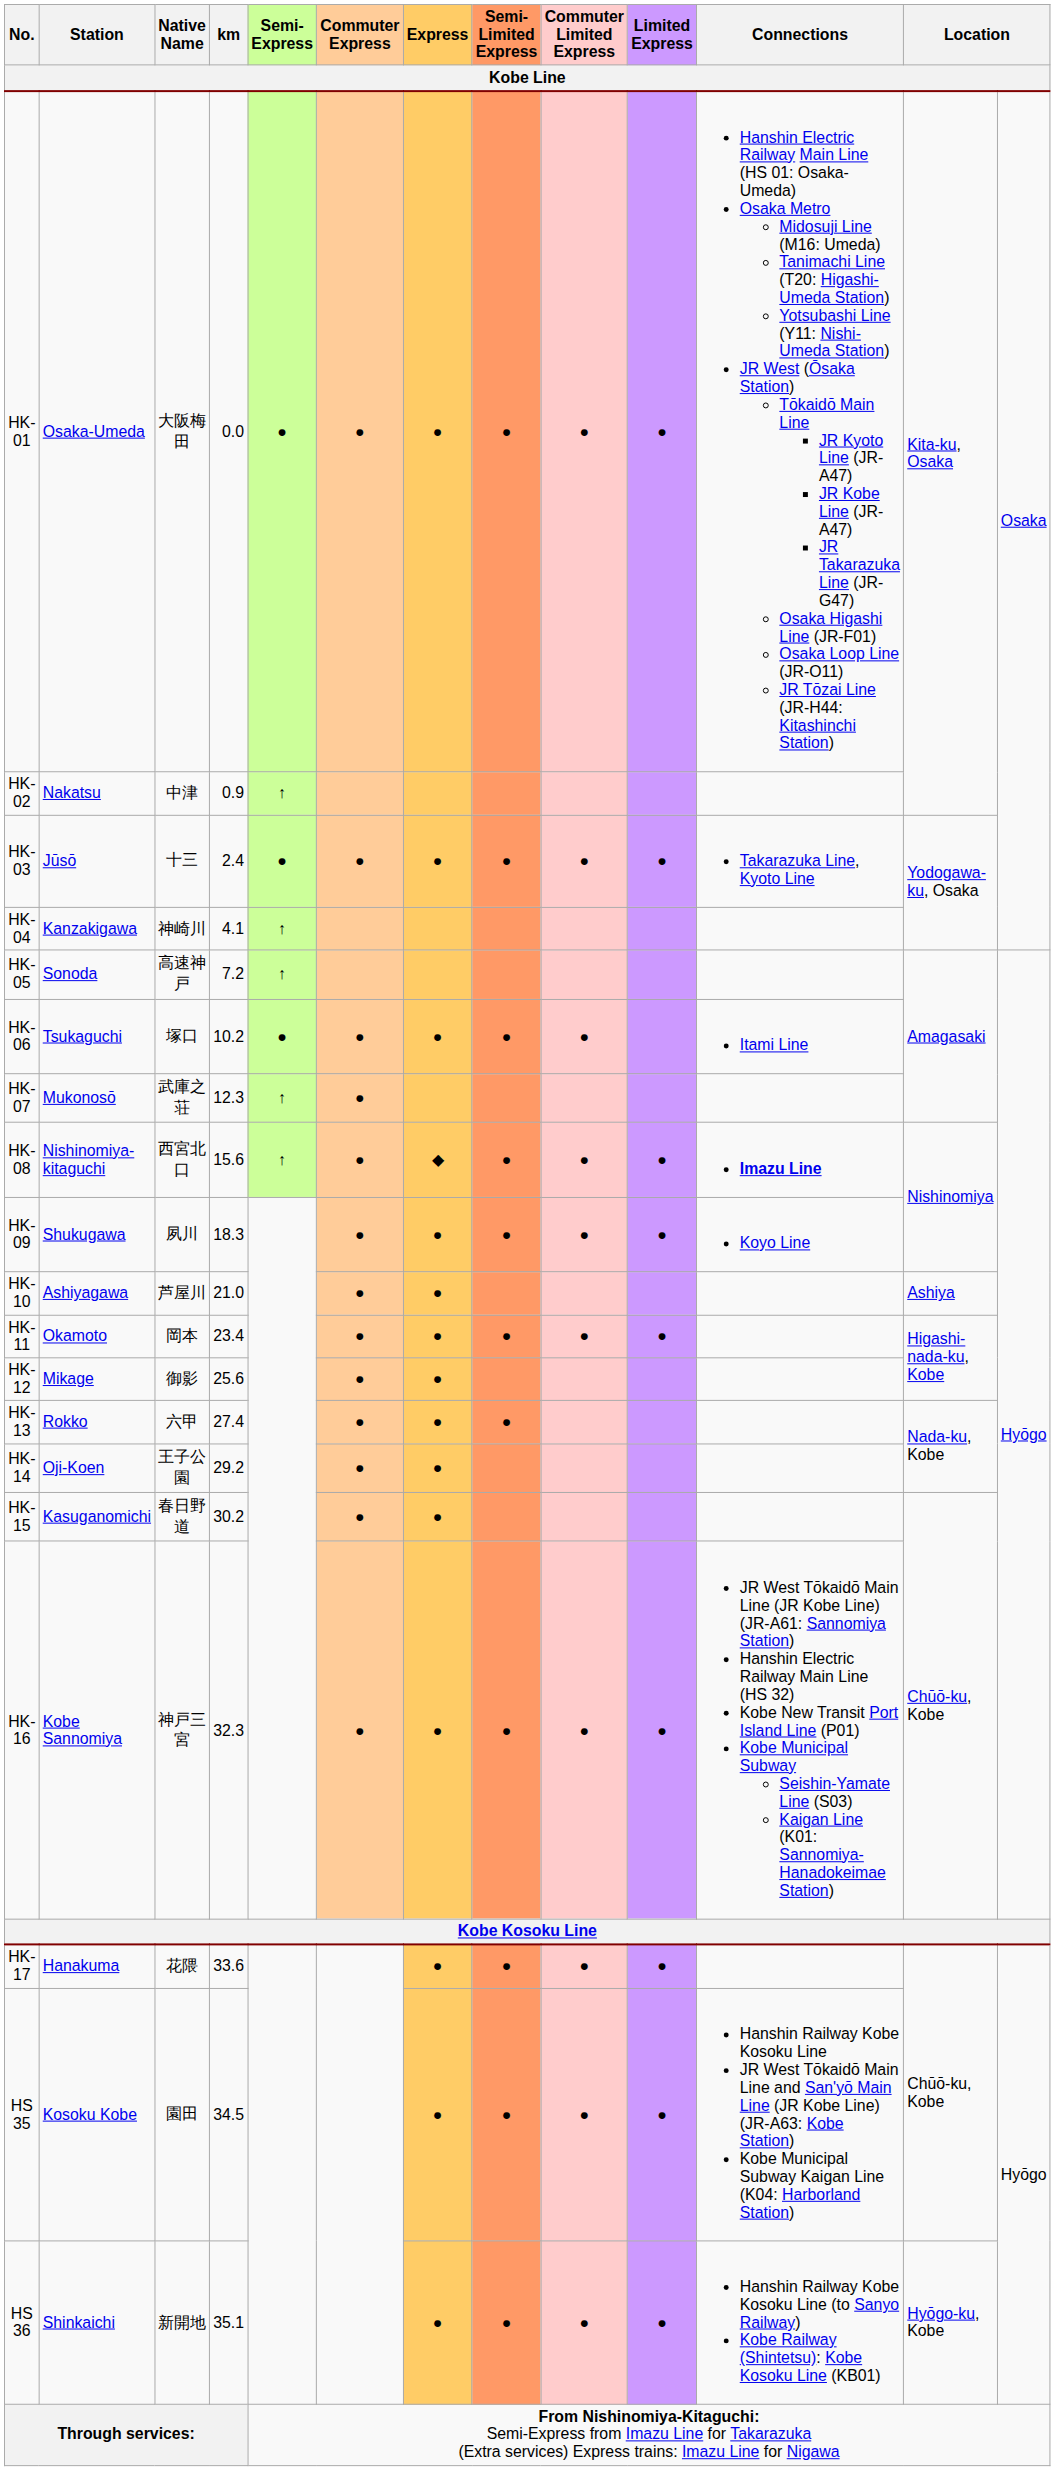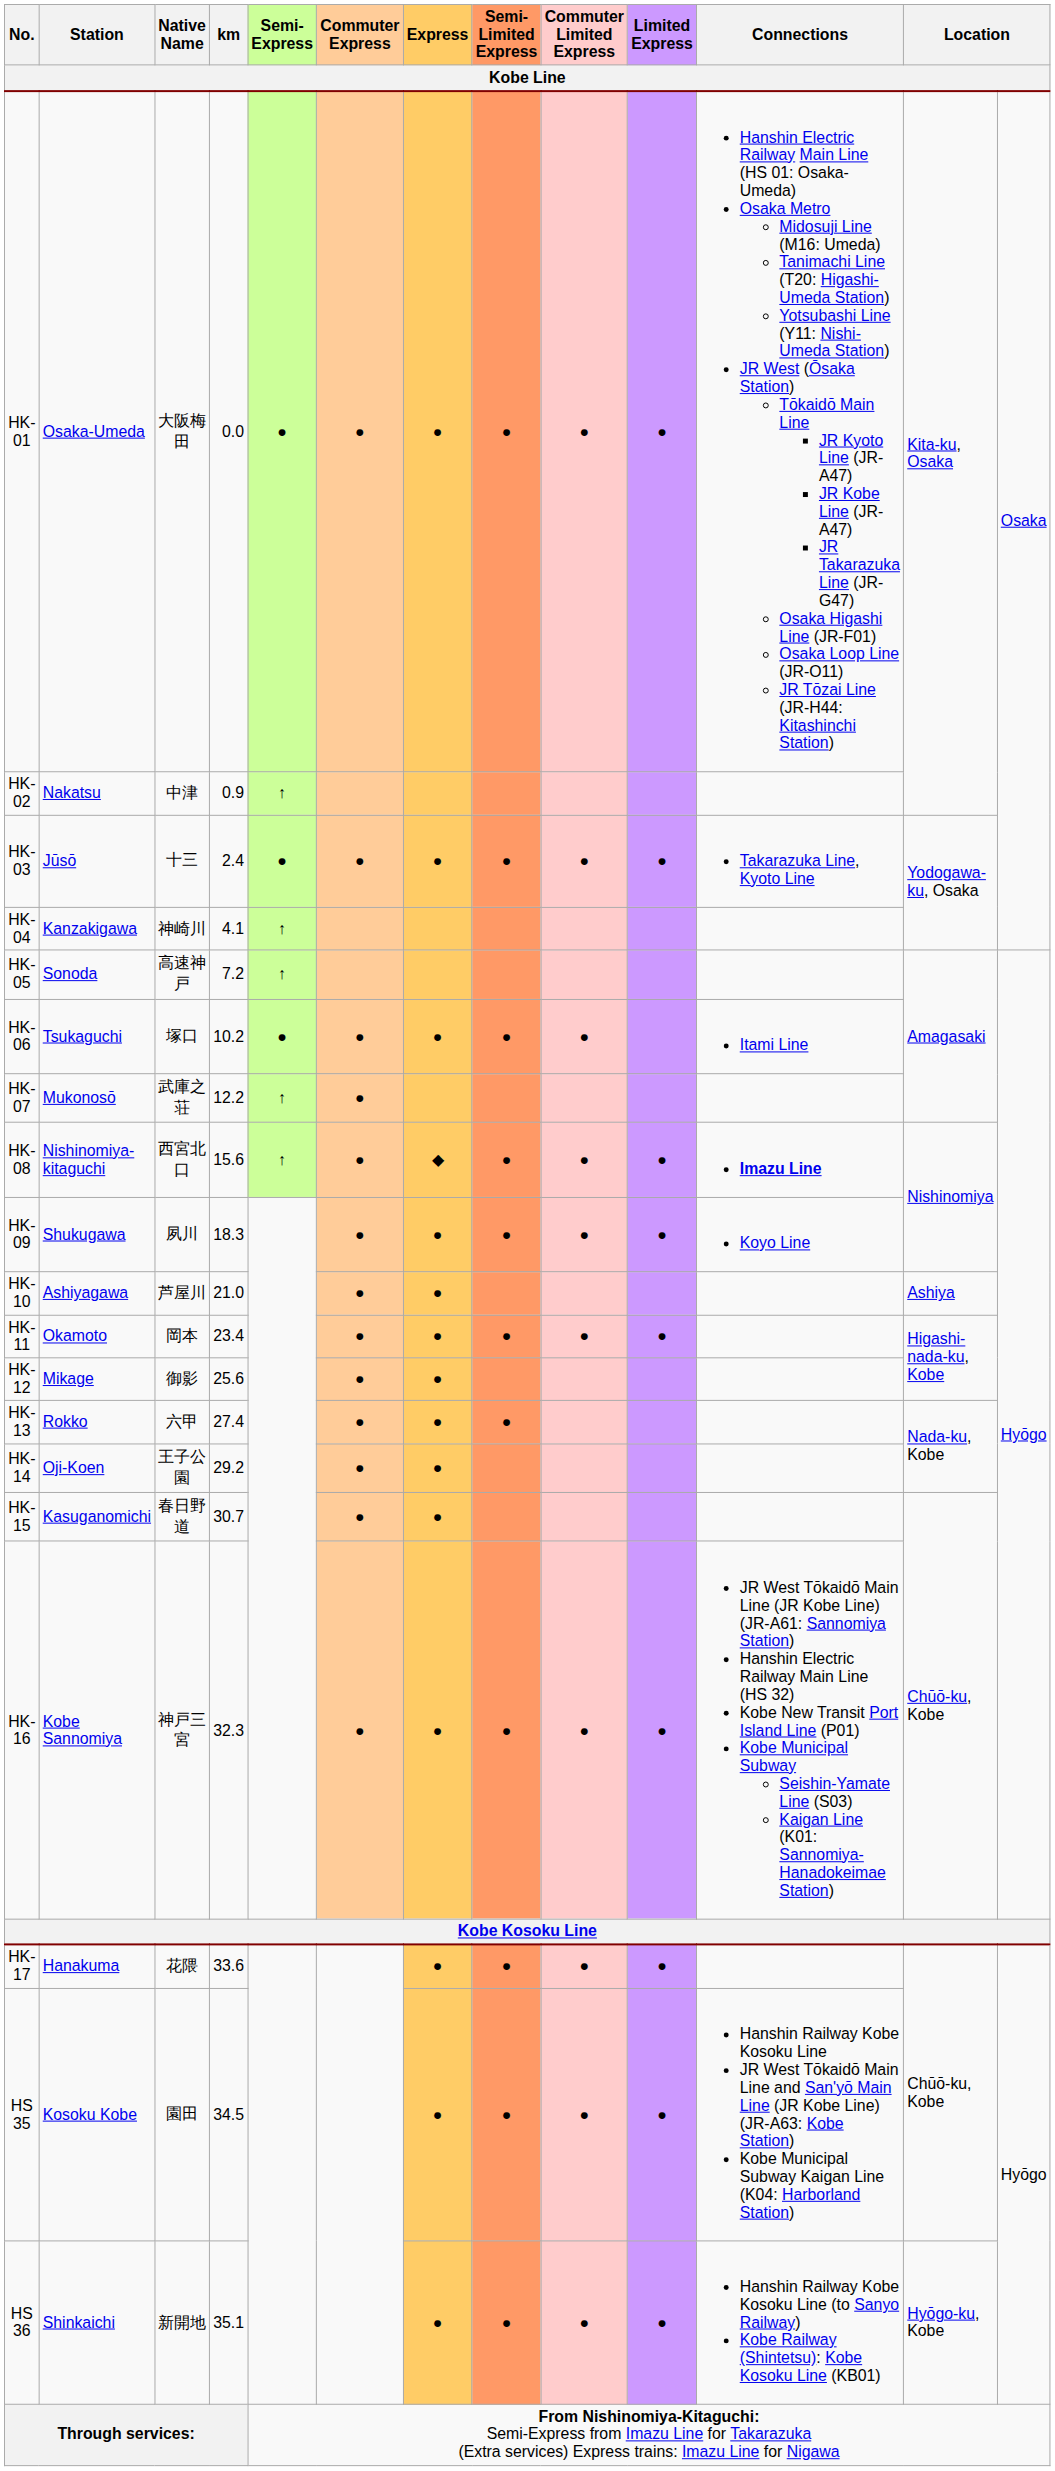 <table border="1" class=wikitable style="text-align: center;">
 <tr style="text-align: center; ">
 <th>No.</th>
 <th>Station</th>
 <th>Native Name</th>
 <th>km</th>
 <th style="background:#cf9">Semi-Express</th>
 <th style="background:#fc9">Commuter Express</th>
 <th style="background:#fc6">Express</th>
 <th style="background:#f96">Semi-Limited Express</th>
 <th style="background:#fcc">Commuter Limited Express</th>
 <th style="background:#c9f">Limited Express</th>
 <th>Connections</th>
 <th colspan=2>Location</th>
 </tr>
 <tr style="text-align: center; ">
 <th colspan="13" style="border-bottom:solid 2px maroon"><strong>Kobe Line</strong></th>
 </tr>
 <tr style="text-align: center; ">
 <td>HK-01</td>
 <td style="text-align: left; "><a href='#'>Osaka-Umeda</a></td>
 <td>大阪梅田</td>
 <td style="text-align: right; ">0.0</td>
 <td style="background:#cf9">●</td>
 <td style="background:#fc9">●</td>
 <td style="background:#fc6">●</td>
 <td style="background:#f96">●</td>
 <td style="background:#fcc">●</td>
 <td style="background:#c9f">●</td>
 <td style="text-align: left; "><br><ul><li> <a href='#'>Hanshin Electric Railway</a> <a href='#'>Main Line</a> (HS 01: Osaka-Umeda)</li><li> <a href='#'>Osaka Metro</a><ul><li> <a href='#'>Midosuji Line</a> (M16: Umeda)</li><li> <a href='#'>Tanimachi Line</a> (T20: <a href='#'>Higashi-Umeda Station</a>)</li><li> <a href='#'>Yotsubashi Line</a> (Y11: <a href='#'>Nishi-Umeda Station</a>)</li></ul></li><li><a href='#'>JR West</a> (<a href='#'>Ōsaka Station</a>)<ul><li><a href='#'>Tōkaidō Main Line</a><ul><li> <a href='#'>JR Kyoto Line</a> (JR-A47)</li><li> <a href='#'>JR Kobe Line</a> (JR-A47)</li><li> <a href='#'>JR Takarazuka Line</a> (JR-G47)</li></ul></li><li> <a href='#'>Osaka Higashi Line</a> (JR-F01)</li><li> <a href='#'>Osaka Loop Line</a> (JR-O11)</li><li> <a href='#'>JR Tōzai Line</a> (JR-H44: <a href='#'>Kitashinchi Station</a>)</li></ul></li></ul></td>
 <td style="text-align: left; " rowspan=2><a href='#'>Kita-ku</a>, <a href='#'>Osaka</a></td>
 <td style="text-align: left; " rowspan=4><a href='#'>Osaka</a></td>
 </tr>
 <tr style="text-align: center; ">
 <td>HK-02</td>
 <td style="text-align: left; "><a href='#'>Nakatsu</a></td>
 <td>中津</td>
 <td style="text-align: right; ">0.9</td>
 <td style="background:#cf9">↑</td>
 <td style="background:#fc9"></td>
 <td style="background:#fc6"></td>
 <td style="background:#f96"></td>
 <td style="background:#fcc"></td>
 <td style="background:#c9f"></td>
 <td> </td>
 </tr>
 <tr style="text-align: center; ">
 <td>HK-03</td>
 <td style="text-align: left; "><a href='#'>Jūsō</a></td>
 <td>十三</td>
 <td style="text-align: right; ">2.4</td>
 <td style="background:#cf9">●</td>
 <td style="background:#fc9">●</td>
 <td style="background:#fc6">●</td>
 <td style="background:#f96">●</td>
 <td style="background:#fcc">●</td>
 <td style="background:#c9f">●</td>
 <td style="text-align: left; "><br><ul><li> <a href='#'>Takarazuka Line</a>,  <a href='#'>Kyoto Line</a></li></ul></td>
 <td style="text-align: left; " rowspan=2><a href='#'>Yodogawa-ku</a>, Osaka</td>
 </tr>
 <tr style="text-align: center; ">
 <td>HK-04</td>
 <td style="text-align: left; "><a href='#'>Kanzakigawa</a></td>
 <td>神崎川</td>
 <td style="text-align: right; ">4.1</td>
 <td style="background:#cf9">↑</td>
 <td style="background:#fc9"></td>
 <td style="background:#fc6"></td>
 <td style="background:#f96"></td>
 <td style="background:#fcc"></td>
 <td style="background:#c9f"></td>
 <td> </td>
 </tr>
 <tr style="text-align: center; ">
 <td>HK-05</td>
 <td style="text-align: left; "><a href='#'>Sonoda</a></td>
 <td>高速神戸</td>
 <td style="text-align: right; ">7.2</td>
 <td style="background:#cf9">↑</td>
 <td style="background:#fc9"></td>
 <td style="background:#fc6"></td>
 <td style="background:#f96"></td>
 <td style="background:#fcc"></td>
 <td style="background:#c9f"></td>
 <td> </td>
 <td style="text-align: left; " rowspan=3><a href='#'>Amagasaki</a></td>
 <td style="text-align: left; " rowspan=12><a href='#'>Hyōgo</a></td>
 </tr>
 <tr style="text-align: center; ">
 <td>HK-06</td>
 <td style="text-align: left; "><a href='#'>Tsukaguchi</a></td>
 <td>塚口</td>
 <td style="text-align: right; ">10.2</td>
 <td style="background:#cf9">●</td>
 <td style="background:#fc9">●</td>
 <td style="background:#fc6">●</td>
 <td style="background:#f96">●</td>
 <td style="background:#fcc">●</td>
 <td style="background:#c9f"></td>
 <td style="text-align: left; "><br><ul><li> <a href='#'>Itami Line</a></li></ul></td>
 </tr>
 <tr style="text-align: center; ">
 <td>HK-07</td>
 <td style="text-align: left; "><a href='#'>Mukonosō</a></td>
 <td>武庫之荘</td>
-<td style="text-align: right; ">12.3</td>
+<td style="text-align: right; ">12.2</td>
 <td style="background:#cf9">↑</td>
 <td style="background:#fc9">●</td>
 <td style="background:#fc6"></td>
 <td style="background:#f96"></td>
 <td style="background:#fcc"></td>
 <td style="background:#c9f"></td>
 <td> </td>
 </tr>
 <tr style="text-align: center; ">
 <td>HK-08</td>
 <td style="text-align: left; "><a href='#'>Nishinomiya-kitaguchi</a></td>
 <td>西宮北口</td>
 <td style="text-align: right; ">15.6</td>
 <td style="background:#cf9">↑</td>
 <td style="background:#fc9">●</td>
 <td style="background:#fc6">◆</td>
 <td style="background:#f96">●</td>
 <td style="background:#fcc">●</td>
 <td style="background:#c9f">●</td>
 <td style="text-align: left; "><strong><br><ul><li> <a href='#'>Imazu Line</a></li></ul></strong></td>
 <td style="text-align: left; " rowspan=2><a href='#'>Nishinomiya</a></td>
 </tr>
 <tr style="text-align: center; ">
 <td>HK-09</td>
 <td style="text-align: left; "><a href='#'>Shukugawa</a></td>
 <td>夙川</td>
 <td style="text-align: right; ">18.3</td>
 <td align="center" rowspan=8> </td>
 <td style="background:#fc9">●</td>
 <td style="background:#fc6">●</td>
 <td style="background:#f96">●</td>
 <td style="background:#fcc">●</td>
 <td style="background:#c9f">●</td>
 <td style="text-align: left; "><br><ul><li> <a href='#'>Koyo Line</a></li></ul></td>
 </tr>
 <tr style="text-align: center; ">
 <td>HK-10</td>
 <td style="text-align: left; "><a href='#'>Ashiyagawa</a></td>
 <td>芦屋川</td>
 <td style="text-align: right; ">21.0</td>
 <td style="background:#fc9">●</td>
 <td style="background:#fc6">●</td>
 <td style="background:#f96"></td>
 <td style="background:#fcc"></td>
 <td style="background:#c9f"></td>
 <td> </td>
 <td style="text-align: left; "><a href='#'>Ashiya</a></td>
 </tr>
 <tr style="text-align: center; ">
 <td>HK-11</td>
 <td style="text-align: left; "><a href='#'>Okamoto</a></td>
 <td>岡本</td>
 <td style="text-align: right; ">23.4</td>
 <td style="background:#fc9">●</td>
 <td style="background:#fc6">●</td>
 <td style="background:#f96">●</td>
 <td style="background:#fcc">●</td>
 <td style="background:#c9f">●</td>
 <td> </td>
 <td style="text-align: left; " rowspan=2><a href='#'>Higashi­nada-ku</a>, <a href='#'>Kobe</a></td>
 </tr>
 <tr style="text-align: center; ">
 <td>HK-12</td>
 <td style="text-align: left; "><a href='#'>Mikage</a></td>
 <td>御影</td>
 <td style="text-align: right; ">25.6</td>
 <td style="background:#fc9">●</td>
 <td style="background:#fc6">●</td>
 <td style="background:#f96"></td>
 <td style="background:#fcc"></td>
 <td style="background:#c9f"></td>
 <td> </td>
 </tr>
 <tr style="text-align: center; ">
 <td>HK-13</td>
 <td style="text-align: left; "><a href='#'>Rokko</a></td>
 <td>六甲</td>
 <td style="text-align: right; ">27.4</td>
 <td style="background:#fc9">●</td>
 <td style="background:#fc6">●</td>
 <td style="background:#f96">●</td>
 <td style="background:#fcc"></td>
 <td style="background:#c9f"></td>
 <td> </td>
 <td style="text-align: left; " rowspan=2><a href='#'>Nada-ku</a>, Kobe</td>
 </tr>
 <tr style="text-align: center; ">
 <td>HK-14</td>
 <td style="text-align: left; "><a href='#'>Oji-Koen</a></td>
 <td>王子公園</td>
 <td style="text-align: right; ">29.2</td>
 <td style="background:#fc9">●</td>
 <td style="background:#fc6">●</td>
 <td style="background:#f96"></td>
 <td style="background:#fcc"></td>
 <td style="background:#c9f"></td>
 <td> </td>
 </tr>
 <tr style="text-align: center; ">
 <td>HK-15</td>
 <td style="text-align: left; "><a href='#'>Kasuganomichi</a></td>
 <td>春日野道</td>
-<td style="text-align: right; ">30.2</td>
+<td style="text-align: right; ">30.7</td>
 <td style="background:#fc9">●</td>
 <td style="background:#fc6">●</td>
 <td style="background:#f96"></td>
 <td style="background:#fcc"></td>
 <td style="background:#c9f"></td>
 <td> </td>
 <td style="text-align: left; " rowspan=2><a href='#'>Chūō-ku</a>, Kobe</td>
 </tr>
 <tr style="text-align: center; ">
 <td>HK-16</td>
 <td style="text-align: left; "><a href='#'>Kobe Sannomiya</a></td>
 <td>神戸三宮</td>
 <td style="text-align: right; ">32.3</td>
 <td style="background:#fc9">●</td>
 <td style="background:#fc6">●</td>
 <td style="background:#f96">●</td>
 <td style="background:#fcc">●</td>
 <td style="background:#c9f">●</td>
 <td style="text-align: left; "><br><ul><li> JR West Tōkaidō Main Line (JR Kobe Line) (JR-A61: <a href='#'>Sannomiya Station</a>)</li><li> Hanshin Electric Railway Main Line (HS 32)</li><li> Kobe New Transit <a href='#'>Port Island Line</a> (P01)</li><li><a href='#'>Kobe Municipal Subway</a><ul><li> <a href='#'>Seishin-Yamate Line</a> (S03)</li><li> <a href='#'>Kaigan Line</a> (K01: <a href='#'>Sannomiya-Hanadokeimae Station</a>)</li></ul></li></ul></td>
 </tr>
 <tr style="text-align: center; ">
 <th colspan="13" style="border-bottom:solid 2px maroon"><strong><a href='#'>Kobe Kosoku Line</a></strong></th>
 </tr>
 <tr style="text-align: center; ">
 <td>HK-17</td>
 <td style="text-align: left; "><a href='#'>Hanakuma</a></td>
 <td>花隈</td>
 <td style="text-align: right; ">33.6</td>
 <td align="center" rowspan=3> </td>
 <td align="center" rowspan=3> </td>
 <td style="background:#fc6">●</td>
 <td style="background:#f96">●</td>
 <td style="background:#fcc">●</td>
 <td style="background:#c9f">●</td>
 <td> </td>
 <td style="text-align: left; " rowspan=2>Chūō-ku, Kobe</td>
 <td style="text-align: left; " rowspan=3>Hyōgo</td>
 </tr>
 <tr style="text-align: center; ">
 <td>HS 35</td>
 <td style="text-align: left; "><a href='#'>Kosoku Kobe</a></td>
 <td>園田</td>
 <td style="text-align: right; ">34.5</td>
 <td style="background:#fc6">●</td>
 <td style="background:#f96">●</td>
 <td style="background:#fcc">●</td>
 <td style="background:#c9f">●</td>
 <td style="text-align: left; "><br><ul><li> Hanshin Railway Kobe Kosoku Line</li><li> JR West Tōkaidō Main Line and <a href='#'>San'yō Main Line</a> (JR Kobe Line) (JR-A63: <a href='#'>Kobe Station</a>)</li><li> Kobe Municipal Subway Kaigan Line (K04: <a href='#'>Harborland Station</a>)</li></ul></td>
 </tr>
 <tr style="text-align: center; ">
 <td>HS 36</td>
 <td style="text-align: left; "><a href='#'>Shinkaichi</a></td>
 <td>新開地</td>
 <td style="text-align: right; ">35.1</td>
 <td style="background:#fc6">●</td>
 <td style="background:#f96">●</td>
 <td style="background:#fcc">●</td>
 <td style="background:#c9f">●</td>
 <td style="text-align: left; "><br><ul><li> Hanshin Railway Kobe Kosoku Line (to <a href='#'>Sanyo Railway</a>)</li><li> <a href='#'>Kobe Railway (Shintetsu)</a>: <a href='#'>Kobe Kosoku Line</a> (KB01)</li></ul></td>
 <td style="text-align: left; "><a href='#'>Hyōgo-ku</a>, Kobe</td>
 </tr>
 <tr>
 <th colspan="4">Through services:</th>
 <td colspan="9"><strong>From Nishinomiya-Kitaguchi:</strong><br>Semi-Express from  <a href='#'>Imazu Line</a> for <a href='#'>Takarazuka</a><br>(Extra services) Express trains:  <a href='#'>Imazu Line</a> for <a href='#'>Nigawa</a></td>
 </tr>
 </table>
